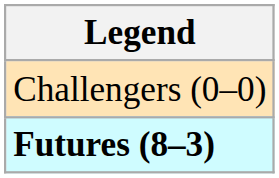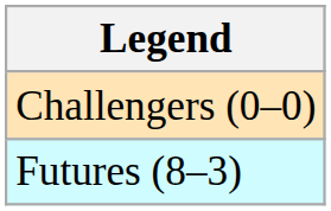 <table class="wikitable">
 <tr>
 <th>Legend</th>
 </tr>
 <tr bgcolor="moccasin">
 <td>Challengers (0–0)</td>
 </tr>
 <tr bgcolor="CFFCFF">
-<td><strong>Futures (8–3)</strong></td>
+<td>Futures (8–3)</td>
 </tr>
 </table>
